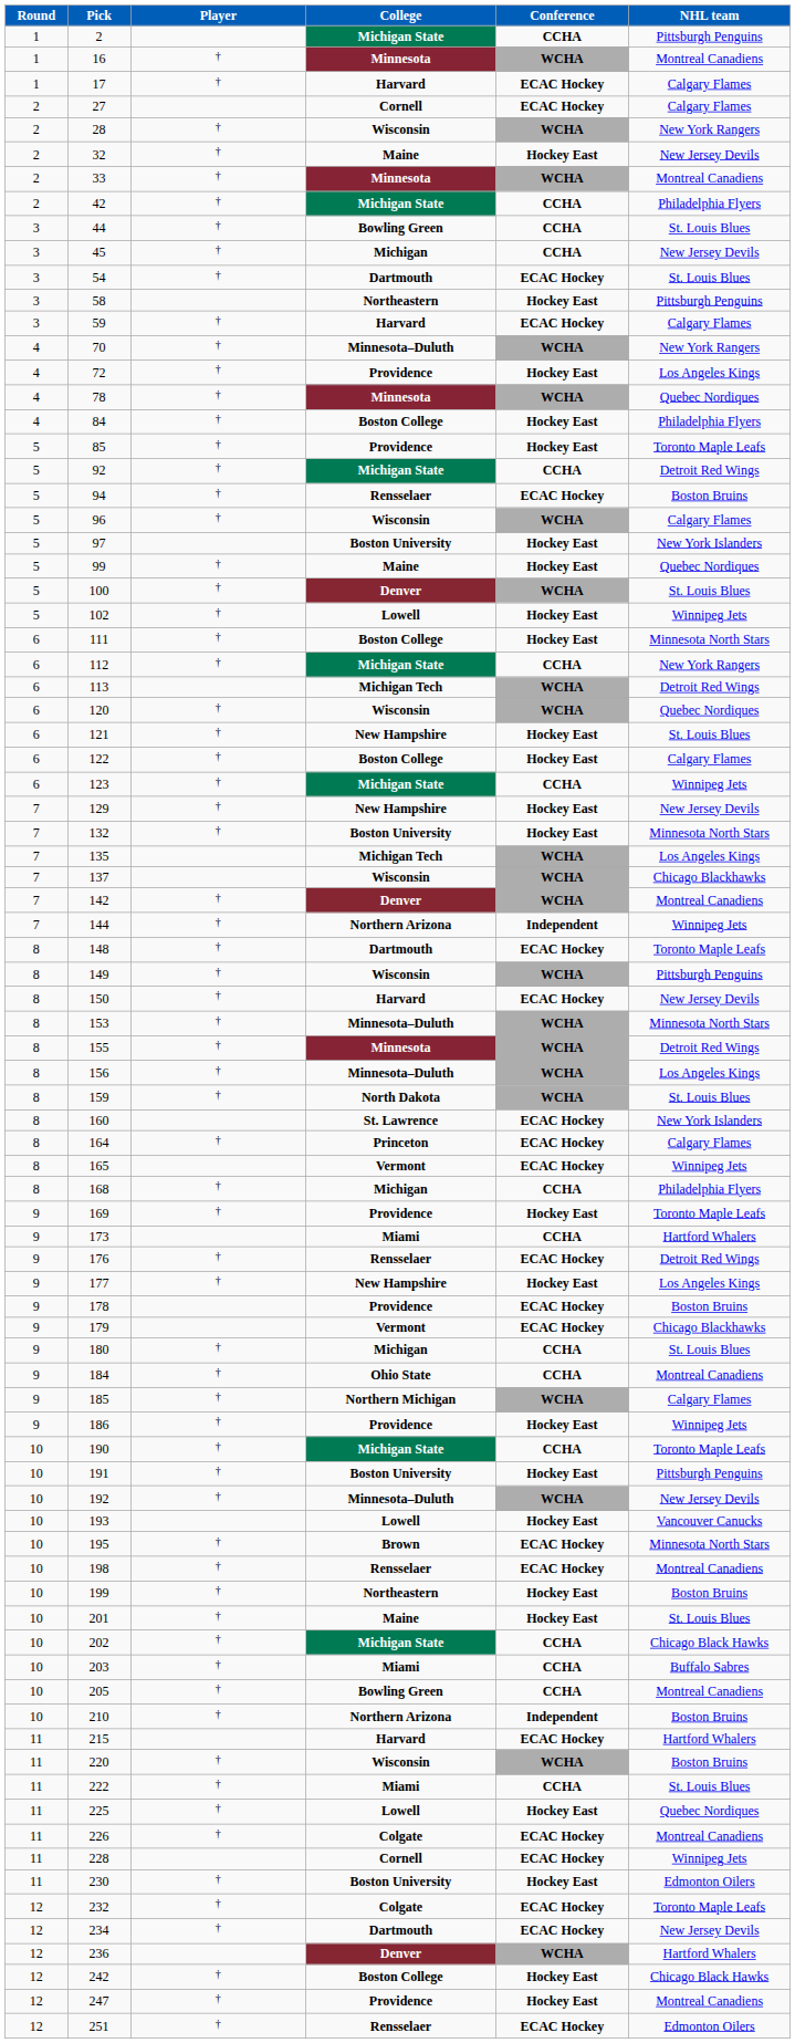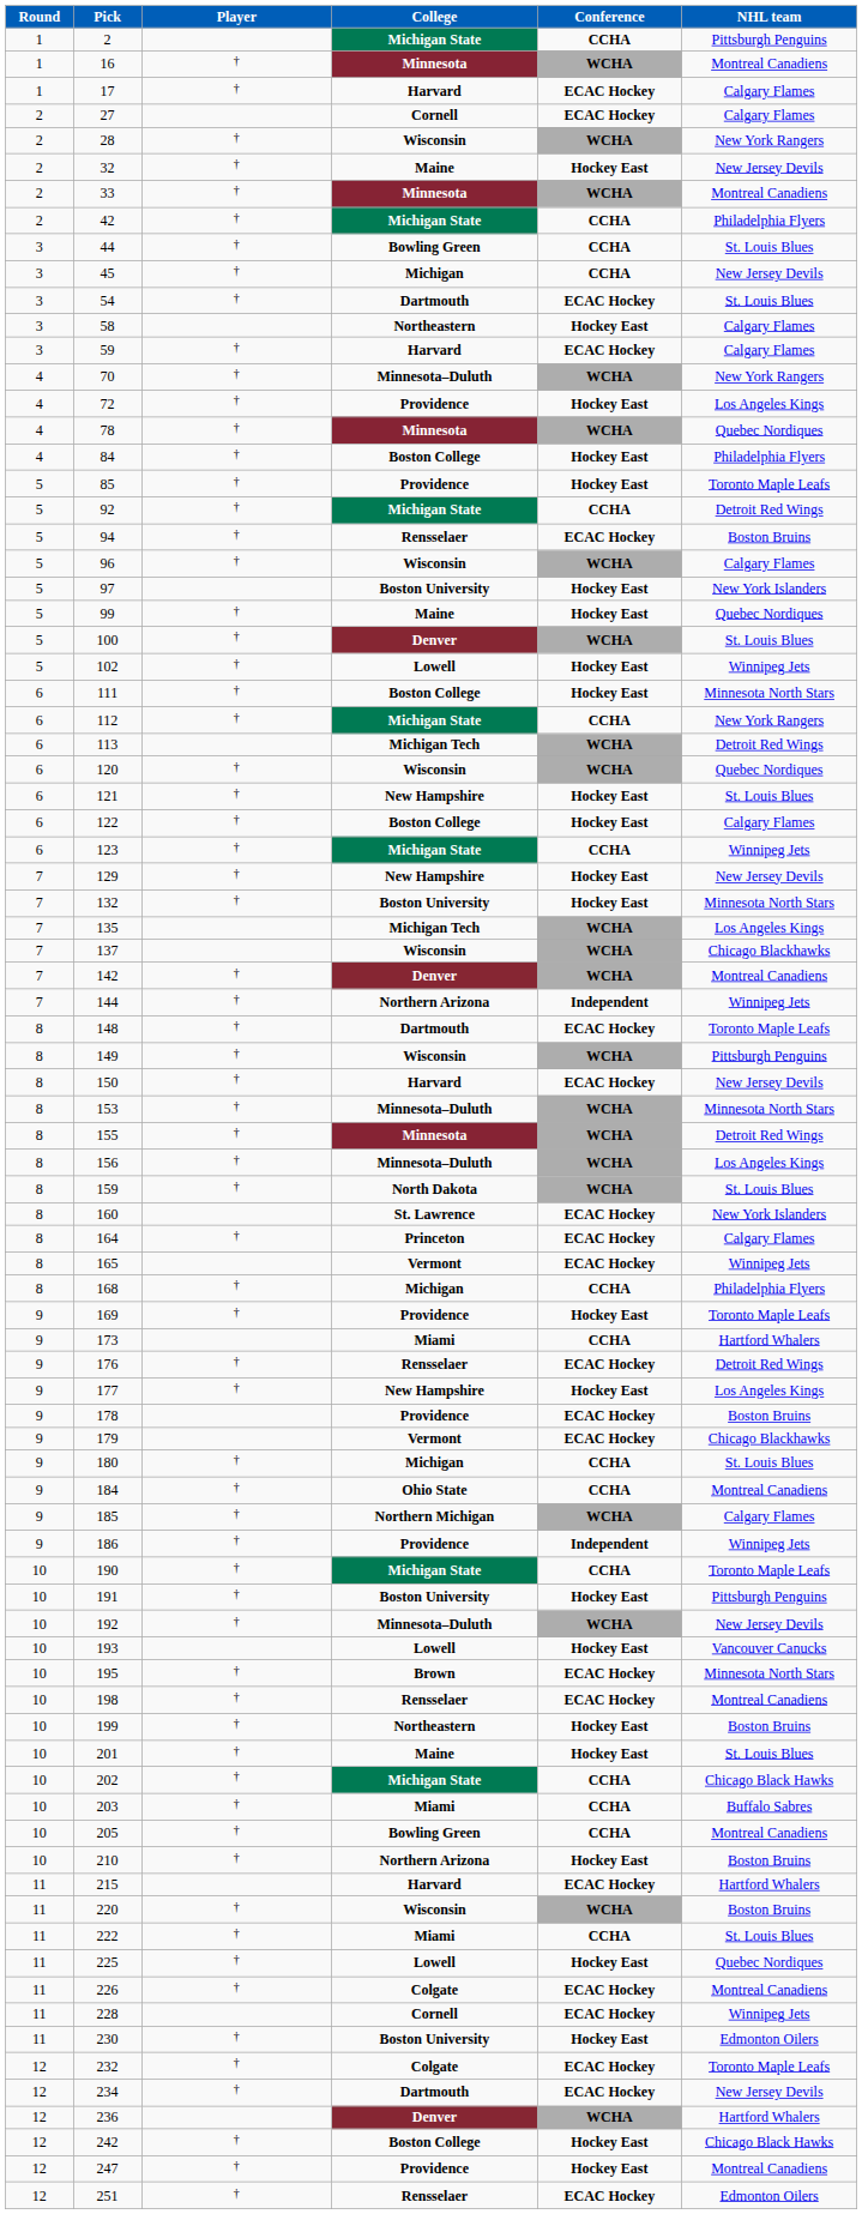 <table class="wikitable sortable" width="75%">
 <tr>
 <th style="color:white; background-color:#005EB8; width: 4em;">Round</th>
 <th style="color:white; background-color:#005EB8; width: 4em;">Pick</th>
 <th style="color:white; background-color:#005EB8; width: 12em;">Player</th>
 <th style="color:white; background-color:#005EB8; width: 13em;">College</th>
 <th style="color:white; background-color:#005EB8; width: 9em;">Conference</th>
 <th style="color:white; background-color:#005EB8; width: 11em;">NHL team</th>
 </tr>
 <tr align="center" bgcolor="">
 <td>1</td>
 <td>2</td>
 <td></td>
 <td style="color:white; background:#007A53"><strong>Michigan State</strong></td>
 <td><strong>CCHA</strong></td>
 <td><a href='#'>Pittsburgh Penguins</a></td>
 </tr>
 <tr align="center" bgcolor="">
 <td>1</td>
 <td>16</td>
 <td> <sup>†</sup></td>
 <td style="color:white; background:#862334; "><strong>Minnesota</strong></td>
 <td style="color:black; background:#ADADAD; "><strong>WCHA</strong></td>
 <td><a href='#'>Montreal Canadiens</a></td>
 </tr>
 <tr align="center" bgcolor="">
 <td>1</td>
 <td>17</td>
 <td> <sup>†</sup></td>
 <td><strong>Harvard</strong></td>
 <td><strong>ECAC Hockey</strong></td>
 <td><a href='#'>Calgary Flames</a></td>
 </tr>
 <tr align="center" bgcolor="">
 <td>2</td>
 <td>27</td>
 <td></td>
 <td><strong>Cornell</strong></td>
 <td><strong>ECAC Hockey</strong></td>
 <td><a href='#'>Calgary Flames</a></td>
 </tr>
 <tr align="center" bgcolor="">
 <td>2</td>
 <td>28</td>
 <td> <sup>†</sup></td>
 <td><strong>Wisconsin</strong></td>
 <td style="color:black; background:#ADADAD; "><strong>WCHA</strong></td>
 <td><a href='#'>New York Rangers</a></td>
 </tr>
 <tr align="center" bgcolor="">
 <td>2</td>
 <td>32</td>
 <td> <sup>†</sup></td>
 <td><strong>Maine</strong></td>
 <td><strong>Hockey East</strong></td>
 <td><a href='#'>New Jersey Devils</a></td>
 </tr>
 <tr align="center" bgcolor="">
 <td>2</td>
 <td>33</td>
 <td> <sup>†</sup></td>
 <td style="color:white; background:#862334; "><strong>Minnesota</strong></td>
 <td style="color:black; background:#ADADAD; "><strong>WCHA</strong></td>
 <td><a href='#'>Montreal Canadiens</a></td>
 </tr>
 <tr align="center" bgcolor="">
 <td>2</td>
 <td>42</td>
 <td> <sup>†</sup></td>
 <td style="color:white; background:#007A53"><strong>Michigan State</strong></td>
 <td><strong>CCHA</strong></td>
 <td><a href='#'>Philadelphia Flyers</a></td>
 </tr>
 <tr align="center" bgcolor="">
 <td>3</td>
 <td>44</td>
 <td> <sup>†</sup></td>
 <td><strong>Bowling Green</strong></td>
 <td><strong>CCHA</strong></td>
 <td><a href='#'>St. Louis Blues</a></td>
 </tr>
 <tr align="center" bgcolor="">
 <td>3</td>
 <td>45</td>
 <td> <sup>†</sup></td>
 <td><strong>Michigan</strong></td>
 <td><strong>CCHA</strong></td>
 <td><a href='#'>New Jersey Devils</a></td>
 </tr>
 <tr align="center" bgcolor="">
 <td>3</td>
 <td>54</td>
 <td> <sup>†</sup></td>
 <td><strong>Dartmouth</strong></td>
 <td><strong>ECAC Hockey</strong></td>
 <td><a href='#'>St. Louis Blues</a></td>
 </tr>
 <tr align="center" bgcolor="">
 <td>3</td>
 <td>58</td>
 <td></td>
 <td><strong>Northeastern</strong></td>
 <td><strong>Hockey East</strong></td>
-<td><a href='#'>Pittsburgh Penguins</a></td>
+<td><a href='#'>Calgary Flames</a></td>
 </tr>
 <tr align="center" bgcolor="">
 <td>3</td>
 <td>59</td>
 <td> <sup>†</sup></td>
 <td><strong>Harvard</strong></td>
 <td><strong>ECAC Hockey</strong></td>
 <td><a href='#'>Calgary Flames</a></td>
 </tr>
 <tr align="center" bgcolor="">
 <td>4</td>
 <td>70</td>
 <td> <sup>†</sup></td>
 <td><strong>Minnesota–Duluth</strong></td>
 <td style="color:black; background:#ADADAD; "><strong>WCHA</strong></td>
 <td><a href='#'>New York Rangers</a></td>
 </tr>
 <tr align="center" bgcolor="">
 <td>4</td>
 <td>72</td>
 <td> <sup>†</sup></td>
 <td><strong>Providence</strong></td>
 <td><strong>Hockey East</strong></td>
 <td><a href='#'>Los Angeles Kings</a></td>
 </tr>
 <tr align="center" bgcolor="">
 <td>4</td>
 <td>78</td>
 <td> <sup>†</sup></td>
 <td style="color:white; background:#862334; "><strong>Minnesota</strong></td>
 <td style="color:black; background:#ADADAD; "><strong>WCHA</strong></td>
 <td><a href='#'>Quebec Nordiques</a></td>
 </tr>
 <tr align="center" bgcolor="">
 <td>4</td>
 <td>84</td>
 <td> <sup>†</sup></td>
 <td><strong>Boston College</strong></td>
 <td><strong>Hockey East</strong></td>
 <td><a href='#'>Philadelphia Flyers</a></td>
 </tr>
 <tr align="center" bgcolor="">
 <td>5</td>
 <td>85</td>
 <td> <sup>†</sup></td>
 <td><strong>Providence</strong></td>
 <td><strong>Hockey East</strong></td>
 <td><a href='#'>Toronto Maple Leafs</a></td>
 </tr>
 <tr align="center" bgcolor="">
 <td>5</td>
 <td>92</td>
 <td> <sup>†</sup></td>
 <td style="color:white; background:#007A53"><strong>Michigan State</strong></td>
 <td><strong>CCHA</strong></td>
 <td><a href='#'>Detroit Red Wings</a></td>
 </tr>
 <tr align="center" bgcolor="">
 <td>5</td>
 <td>94</td>
 <td> <sup>†</sup></td>
 <td><strong>Rensselaer</strong></td>
 <td><strong>ECAC Hockey</strong></td>
 <td><a href='#'>Boston Bruins</a></td>
 </tr>
 <tr align="center" bgcolor="">
 <td>5</td>
 <td>96</td>
 <td> <sup>†</sup></td>
 <td><strong>Wisconsin</strong></td>
 <td style="color:black; background:#ADADAD; "><strong>WCHA</strong></td>
 <td><a href='#'>Calgary Flames</a></td>
 </tr>
 <tr align="center" bgcolor="">
 <td>5</td>
 <td>97</td>
 <td></td>
 <td><strong>Boston University</strong></td>
 <td><strong>Hockey East</strong></td>
 <td><a href='#'>New York Islanders</a></td>
 </tr>
 <tr align="center" bgcolor="">
 <td>5</td>
 <td>99</td>
 <td> <sup>†</sup></td>
 <td><strong>Maine</strong></td>
 <td><strong>Hockey East</strong></td>
 <td><a href='#'>Quebec Nordiques</a></td>
 </tr>
 <tr align="center" bgcolor="">
 <td>5</td>
 <td>100</td>
 <td> <sup>†</sup></td>
 <td style="color:white; background:#862633; "><strong>Denver</strong></td>
 <td style="color:black; background:#ADADAD; "><strong>WCHA</strong></td>
 <td><a href='#'>St. Louis Blues</a></td>
 </tr>
 <tr align="center" bgcolor="">
 <td>5</td>
 <td>102</td>
 <td> <sup>†</sup></td>
 <td><strong>Lowell</strong></td>
 <td><strong>Hockey East</strong></td>
 <td><a href='#'>Winnipeg Jets</a></td>
 </tr>
 <tr align="center" bgcolor="">
 <td>6</td>
 <td>111</td>
 <td> <sup>†</sup></td>
 <td><strong>Boston College</strong></td>
 <td><strong>Hockey East</strong></td>
 <td><a href='#'>Minnesota North Stars</a></td>
 </tr>
 <tr align="center" bgcolor="">
 <td>6</td>
 <td>112</td>
 <td> <sup>†</sup></td>
 <td style="color:white; background:#007A53"><strong>Michigan State</strong></td>
 <td><strong>CCHA</strong></td>
 <td><a href='#'>New York Rangers</a></td>
 </tr>
 <tr align="center" bgcolor="">
 <td>6</td>
 <td>113</td>
 <td></td>
 <td><strong>Michigan Tech</strong></td>
 <td style="color:black; background:#ADADAD; "><strong>WCHA</strong></td>
 <td><a href='#'>Detroit Red Wings</a></td>
 </tr>
 <tr align="center" bgcolor="">
 <td>6</td>
 <td>120</td>
 <td> <sup>†</sup></td>
 <td><strong>Wisconsin</strong></td>
 <td style="color:black; background:#ADADAD; "><strong>WCHA</strong></td>
 <td><a href='#'>Quebec Nordiques</a></td>
 </tr>
 <tr align="center" bgcolor="">
 <td>6</td>
 <td>121</td>
 <td> <sup>†</sup></td>
 <td><strong>New Hampshire</strong></td>
 <td><strong>Hockey East</strong></td>
 <td><a href='#'>St. Louis Blues</a></td>
 </tr>
 <tr align="center" bgcolor="">
 <td>6</td>
 <td>122</td>
 <td> <sup>†</sup></td>
 <td><strong>Boston College</strong></td>
 <td><strong>Hockey East</strong></td>
 <td><a href='#'>Calgary Flames</a></td>
 </tr>
 <tr align="center" bgcolor="">
 <td>6</td>
 <td>123</td>
 <td> <sup>†</sup></td>
 <td style="color:white; background:#007A53"><strong>Michigan State</strong></td>
 <td><strong>CCHA</strong></td>
 <td><a href='#'>Winnipeg Jets</a></td>
 </tr>
 <tr align="center" bgcolor="">
 <td>7</td>
 <td>129</td>
 <td> <sup>†</sup></td>
 <td><strong>New Hampshire</strong></td>
 <td><strong>Hockey East</strong></td>
 <td><a href='#'>New Jersey Devils</a></td>
 </tr>
 <tr align="center" bgcolor="">
 <td>7</td>
 <td>132</td>
 <td> <sup>†</sup></td>
 <td><strong>Boston University</strong></td>
 <td><strong>Hockey East</strong></td>
 <td><a href='#'>Minnesota North Stars</a></td>
 </tr>
 <tr align="center" bgcolor="">
 <td>7</td>
 <td>135</td>
 <td></td>
 <td><strong>Michigan Tech</strong></td>
 <td style="color:black; background:#ADADAD; "><strong>WCHA</strong></td>
 <td><a href='#'>Los Angeles Kings</a></td>
 </tr>
 <tr align="center" bgcolor="">
 <td>7</td>
 <td>137</td>
 <td></td>
 <td><strong>Wisconsin</strong></td>
 <td style="color:black; background:#ADADAD; "><strong>WCHA</strong></td>
 <td><a href='#'>Chicago Blackhawks</a></td>
 </tr>
 <tr align="center" bgcolor="">
 <td>7</td>
 <td>142</td>
 <td> <sup>†</sup></td>
 <td style="color:white; background:#862633; "><strong>Denver</strong></td>
 <td style="color:black; background:#ADADAD; "><strong>WCHA</strong></td>
 <td><a href='#'>Montreal Canadiens</a></td>
 </tr>
 <tr align="center" bgcolor="">
 <td>7</td>
 <td>144</td>
 <td> <sup>†</sup></td>
 <td><strong>Northern Arizona</strong></td>
 <td><strong>Independent</strong></td>
 <td><a href='#'>Winnipeg Jets</a></td>
 </tr>
 <tr align="center" bgcolor="">
 <td>8</td>
 <td>148</td>
 <td> <sup>†</sup></td>
 <td><strong>Dartmouth</strong></td>
 <td><strong>ECAC Hockey</strong></td>
 <td><a href='#'>Toronto Maple Leafs</a></td>
 </tr>
 <tr align="center" bgcolor="">
 <td>8</td>
 <td>149</td>
 <td> <sup>†</sup></td>
 <td><strong>Wisconsin</strong></td>
 <td style="color:black; background:#ADADAD; "><strong>WCHA</strong></td>
 <td><a href='#'>Pittsburgh Penguins</a></td>
 </tr>
 <tr align="center" bgcolor="">
 <td>8</td>
 <td>150</td>
 <td> <sup>†</sup></td>
 <td><strong>Harvard</strong></td>
 <td><strong>ECAC Hockey</strong></td>
 <td><a href='#'>New Jersey Devils</a></td>
 </tr>
 <tr align="center" bgcolor="">
 <td>8</td>
 <td>153</td>
 <td> <sup>†</sup></td>
 <td><strong>Minnesota–Duluth</strong></td>
 <td style="color:black; background:#ADADAD; "><strong>WCHA</strong></td>
 <td><a href='#'>Minnesota North Stars</a></td>
 </tr>
 <tr align="center" bgcolor="">
 <td>8</td>
 <td>155</td>
 <td> <sup>†</sup></td>
 <td style="color:white; background:#862334; "><strong>Minnesota</strong></td>
 <td style="color:black; background:#ADADAD; "><strong>WCHA</strong></td>
 <td><a href='#'>Detroit Red Wings</a></td>
 </tr>
 <tr align="center" bgcolor="">
 <td>8</td>
 <td>156</td>
 <td> <sup>†</sup></td>
 <td><strong>Minnesota–Duluth</strong></td>
 <td style="color:black; background:#ADADAD; "><strong>WCHA</strong></td>
 <td><a href='#'>Los Angeles Kings</a></td>
 </tr>
 <tr align="center" bgcolor="">
 <td>8</td>
 <td>159</td>
 <td> <sup>†</sup></td>
 <td><strong>North Dakota</strong></td>
 <td style="color:black; background:#ADADAD; "><strong>WCHA</strong></td>
 <td><a href='#'>St. Louis Blues</a></td>
 </tr>
 <tr align="center" bgcolor="">
 <td>8</td>
 <td>160</td>
 <td></td>
 <td><strong>St. Lawrence</strong></td>
 <td><strong>ECAC Hockey</strong></td>
 <td><a href='#'>New York Islanders</a></td>
 </tr>
 <tr align="center" bgcolor="">
 <td>8</td>
 <td>164</td>
 <td> <sup>†</sup></td>
 <td><strong>Princeton</strong></td>
 <td><strong>ECAC Hockey</strong></td>
 <td><a href='#'>Calgary Flames</a></td>
 </tr>
 <tr align="center" bgcolor="">
 <td>8</td>
 <td>165</td>
 <td></td>
 <td><strong>Vermont</strong></td>
 <td><strong>ECAC Hockey</strong></td>
 <td><a href='#'>Winnipeg Jets</a></td>
 </tr>
 <tr align="center" bgcolor="">
 <td>8</td>
 <td>168</td>
 <td> <sup>†</sup></td>
 <td><strong>Michigan</strong></td>
 <td><strong>CCHA</strong></td>
 <td><a href='#'>Philadelphia Flyers</a></td>
 </tr>
 <tr align="center" bgcolor="">
 <td>9</td>
 <td>169</td>
 <td> <sup>†</sup></td>
 <td><strong>Providence</strong></td>
 <td><strong>Hockey East</strong></td>
 <td><a href='#'>Toronto Maple Leafs</a></td>
 </tr>
 <tr align="center" bgcolor="">
 <td>9</td>
 <td>173</td>
 <td></td>
 <td><strong>Miami</strong></td>
 <td><strong>CCHA</strong></td>
 <td><a href='#'>Hartford Whalers</a></td>
 </tr>
 <tr align="center" bgcolor="">
 <td>9</td>
 <td>176</td>
 <td> <sup>†</sup></td>
 <td><strong>Rensselaer</strong></td>
 <td><strong>ECAC Hockey</strong></td>
 <td><a href='#'>Detroit Red Wings</a></td>
 </tr>
 <tr align="center" bgcolor="">
 <td>9</td>
 <td>177</td>
 <td> <sup>†</sup></td>
 <td><strong>New Hampshire</strong></td>
 <td><strong>Hockey East</strong></td>
 <td><a href='#'>Los Angeles Kings</a></td>
 </tr>
 <tr align="center" bgcolor="">
 <td>9</td>
 <td>178</td>
 <td></td>
 <td><strong>Providence</strong></td>
 <td><strong>ECAC Hockey</strong></td>
 <td><a href='#'>Boston Bruins</a></td>
 </tr>
 <tr align="center" bgcolor="">
 <td>9</td>
 <td>179</td>
 <td></td>
 <td><strong>Vermont</strong></td>
 <td><strong>ECAC Hockey</strong></td>
 <td><a href='#'>Chicago Blackhawks</a></td>
 </tr>
 <tr align="center" bgcolor="">
 <td>9</td>
 <td>180</td>
 <td> <sup>†</sup></td>
 <td><strong>Michigan</strong></td>
 <td><strong>CCHA</strong></td>
 <td><a href='#'>St. Louis Blues</a></td>
 </tr>
 <tr align="center" bgcolor="">
 <td>9</td>
 <td>184</td>
 <td> <sup>†</sup></td>
 <td><strong>Ohio State</strong></td>
 <td><strong>CCHA</strong></td>
 <td><a href='#'>Montreal Canadiens</a></td>
 </tr>
 <tr align="center" bgcolor="">
 <td>9</td>
 <td>185</td>
 <td> <sup>†</sup></td>
 <td><strong>Northern Michigan</strong></td>
 <td style="color:black; background:#ADADAD; "><strong>WCHA</strong></td>
 <td><a href='#'>Calgary Flames</a></td>
 </tr>
 <tr align="center" bgcolor="">
 <td>9</td>
 <td>186</td>
 <td> <sup>†</sup></td>
 <td><strong>Providence</strong></td>
-<td><strong>Hockey East</strong></td>
+<td><strong>Independent</strong></td>
 <td><a href='#'>Winnipeg Jets</a></td>
 </tr>
 <tr align="center" bgcolor="">
 <td>10</td>
 <td>190</td>
 <td> <sup>†</sup></td>
 <td style="color:white; background:#007A53"><strong>Michigan State</strong></td>
 <td><strong>CCHA</strong></td>
 <td><a href='#'>Toronto Maple Leafs</a></td>
 </tr>
 <tr align="center" bgcolor="">
 <td>10</td>
 <td>191</td>
 <td> <sup>†</sup></td>
 <td><strong>Boston University</strong></td>
 <td><strong>Hockey East</strong></td>
 <td><a href='#'>Pittsburgh Penguins</a></td>
 </tr>
 <tr align="center" bgcolor="">
 <td>10</td>
 <td>192</td>
 <td> <sup>†</sup></td>
 <td><strong>Minnesota–Duluth</strong></td>
 <td style="color:black; background:#ADADAD; "><strong>WCHA</strong></td>
 <td><a href='#'>New Jersey Devils</a></td>
 </tr>
 <tr align="center" bgcolor="">
 <td>10</td>
 <td>193</td>
 <td></td>
 <td><strong>Lowell</strong></td>
 <td><strong>Hockey East</strong></td>
 <td><a href='#'>Vancouver Canucks</a></td>
 </tr>
 <tr align="center" bgcolor="">
 <td>10</td>
 <td>195</td>
 <td> <sup>†</sup></td>
 <td><strong>Brown</strong></td>
 <td><strong>ECAC Hockey</strong></td>
 <td><a href='#'>Minnesota North Stars</a></td>
 </tr>
 <tr align="center" bgcolor="">
 <td>10</td>
 <td>198</td>
 <td> <sup>†</sup></td>
 <td><strong>Rensselaer</strong></td>
 <td><strong>ECAC Hockey</strong></td>
 <td><a href='#'>Montreal Canadiens</a></td>
 </tr>
 <tr align="center" bgcolor="">
 <td>10</td>
 <td>199</td>
 <td> <sup>†</sup></td>
 <td><strong>Northeastern</strong></td>
 <td><strong>Hockey East</strong></td>
 <td><a href='#'>Boston Bruins</a></td>
 </tr>
 <tr align="center" bgcolor="">
 <td>10</td>
 <td>201</td>
 <td> <sup>†</sup></td>
 <td><strong>Maine</strong></td>
 <td><strong>Hockey East</strong></td>
 <td><a href='#'>St. Louis Blues</a></td>
 </tr>
 <tr align="center" bgcolor="">
 <td>10</td>
 <td>202</td>
 <td> <sup>†</sup></td>
 <td style="color:white; background:#007A53"><strong>Michigan State</strong></td>
 <td><strong>CCHA</strong></td>
 <td><a href='#'>Chicago Black Hawks</a></td>
 </tr>
 <tr align="center" bgcolor="">
 <td>10</td>
 <td>203</td>
 <td> <sup>†</sup></td>
 <td><strong>Miami</strong></td>
 <td><strong>CCHA</strong></td>
 <td><a href='#'>Buffalo Sabres</a></td>
 </tr>
 <tr align="center" bgcolor="">
 <td>10</td>
 <td>205</td>
 <td> <sup>†</sup></td>
 <td><strong>Bowling Green</strong></td>
 <td><strong>CCHA</strong></td>
 <td><a href='#'>Montreal Canadiens</a></td>
 </tr>
 <tr align="center" bgcolor="">
 <td>10</td>
 <td>210</td>
 <td> <sup>†</sup></td>
 <td><strong>Northern Arizona</strong></td>
-<td><strong>Independent</strong></td>
+<td><strong>Hockey East</strong></td>
 <td><a href='#'>Boston Bruins</a></td>
 </tr>
 <tr align="center" bgcolor="">
 <td>11</td>
 <td>215</td>
 <td></td>
 <td><strong>Harvard</strong></td>
 <td><strong>ECAC Hockey</strong></td>
 <td><a href='#'>Hartford Whalers</a></td>
 </tr>
 <tr align="center" bgcolor="">
 <td>11</td>
 <td>220</td>
 <td> <sup>†</sup></td>
 <td><strong>Wisconsin</strong></td>
 <td style="color:black; background:#ADADAD; "><strong>WCHA</strong></td>
 <td><a href='#'>Boston Bruins</a></td>
 </tr>
 <tr align="center" bgcolor="">
 <td>11</td>
 <td>222</td>
 <td> <sup>†</sup></td>
 <td><strong>Miami</strong></td>
 <td><strong>CCHA</strong></td>
 <td><a href='#'>St. Louis Blues</a></td>
 </tr>
 <tr align="center" bgcolor="">
 <td>11</td>
 <td>225</td>
 <td> <sup>†</sup></td>
 <td><strong>Lowell</strong></td>
 <td><strong>Hockey East</strong></td>
 <td><a href='#'>Quebec Nordiques</a></td>
 </tr>
 <tr align="center" bgcolor="">
 <td>11</td>
 <td>226</td>
 <td> <sup>†</sup></td>
 <td><strong>Colgate</strong></td>
 <td><strong>ECAC Hockey</strong></td>
 <td><a href='#'>Montreal Canadiens</a></td>
 </tr>
 <tr align="center" bgcolor="">
 <td>11</td>
 <td>228</td>
 <td></td>
 <td><strong>Cornell</strong></td>
 <td><strong>ECAC Hockey</strong></td>
 <td><a href='#'>Winnipeg Jets</a></td>
 </tr>
 <tr align="center" bgcolor="">
 <td>11</td>
 <td>230</td>
 <td> <sup>†</sup></td>
 <td><strong>Boston University</strong></td>
 <td><strong>Hockey East</strong></td>
 <td><a href='#'>Edmonton Oilers</a></td>
 </tr>
 <tr align="center" bgcolor="">
 <td>12</td>
 <td>232</td>
 <td> <sup>†</sup></td>
 <td><strong>Colgate</strong></td>
 <td><strong>ECAC Hockey</strong></td>
 <td><a href='#'>Toronto Maple Leafs</a></td>
 </tr>
 <tr align="center" bgcolor="">
 <td>12</td>
 <td>234</td>
 <td> <sup>†</sup></td>
 <td><strong>Dartmouth</strong></td>
 <td><strong>ECAC Hockey</strong></td>
 <td><a href='#'>New Jersey Devils</a></td>
 </tr>
 <tr align="center" bgcolor="">
 <td>12</td>
 <td>236</td>
 <td></td>
 <td style="color:white; background:#862633; "><strong>Denver</strong></td>
 <td style="color:black; background:#ADADAD; "><strong>WCHA</strong></td>
 <td><a href='#'>Hartford Whalers</a></td>
 </tr>
 <tr align="center" bgcolor="">
 <td>12</td>
 <td>242</td>
 <td> <sup>†</sup></td>
 <td><strong>Boston College</strong></td>
 <td><strong>Hockey East</strong></td>
 <td><a href='#'>Chicago Black Hawks</a></td>
 </tr>
 <tr align="center" bgcolor="">
 <td>12</td>
 <td>247</td>
 <td> <sup>†</sup></td>
 <td><strong>Providence</strong></td>
 <td><strong>Hockey East</strong></td>
 <td><a href='#'>Montreal Canadiens</a></td>
 </tr>
 <tr align="center" bgcolor="">
 <td>12</td>
 <td>251</td>
 <td> <sup>†</sup></td>
 <td><strong>Rensselaer</strong></td>
 <td><strong>ECAC Hockey</strong></td>
 <td><a href='#'>Edmonton Oilers</a></td>
 </tr>
 </table>
